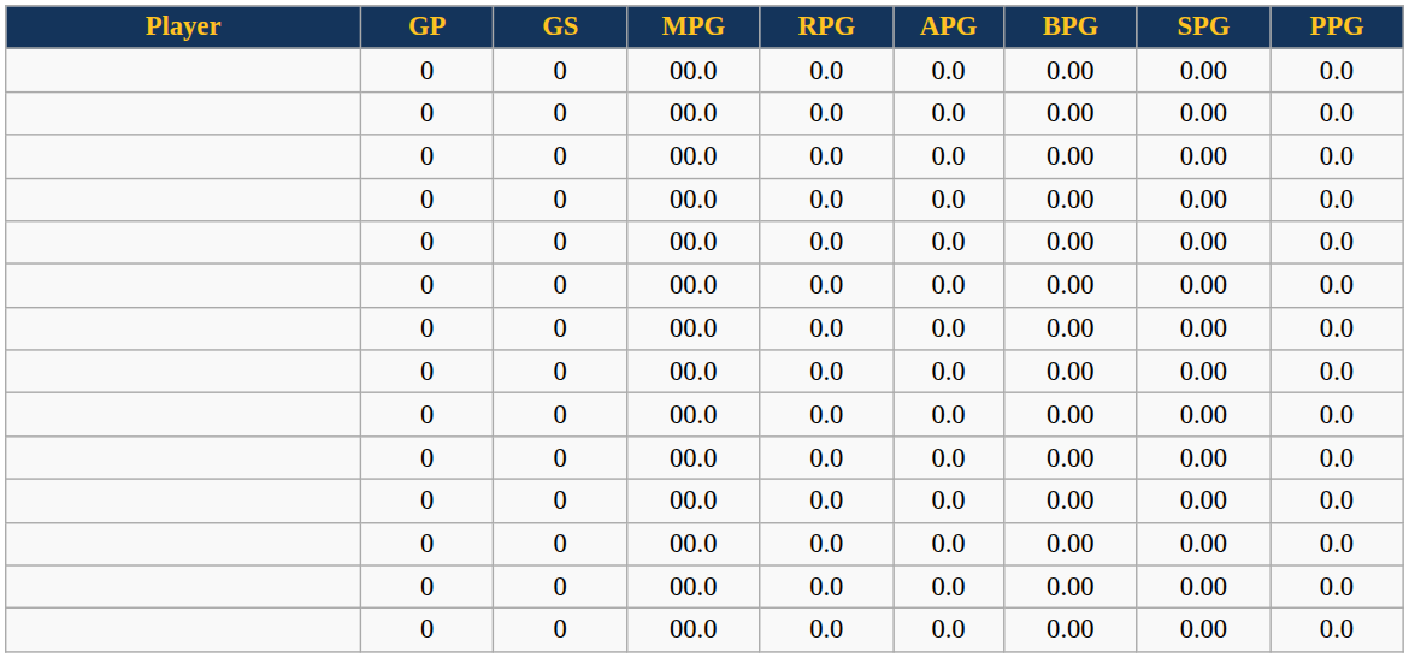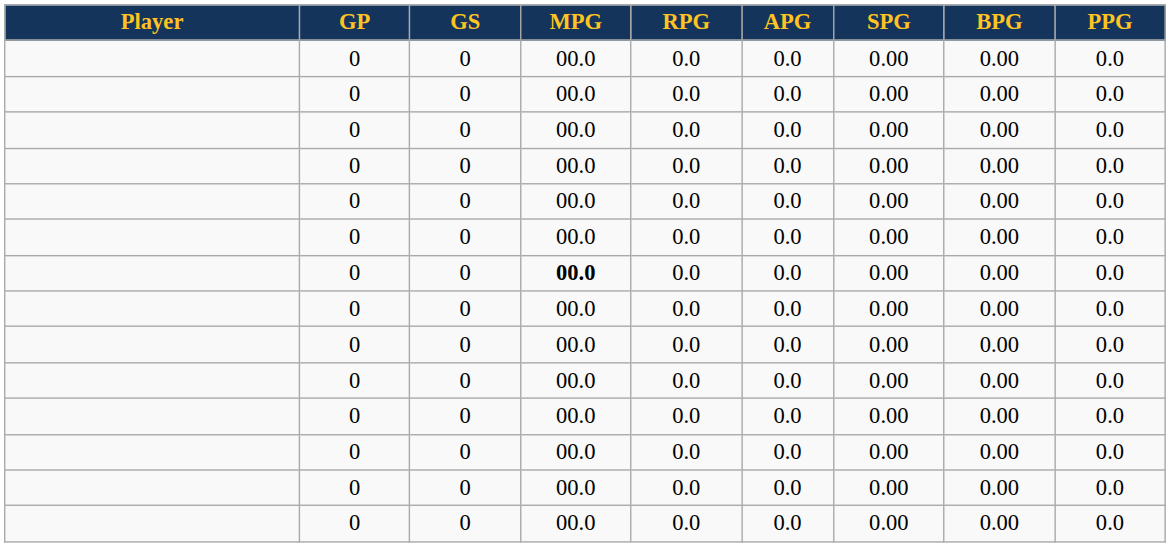 <table class="wikitable sortable" style="text-align:center;">
 <tr>
 <th style="background:#14345B;color:#ffc322;" width="16%">Player</th>
 <th style="background:#14345B;color:#ffc322;" width="6%">GP</th>
 <th style="background:#14345B;color:#ffc322;" width="6%">GS</th>
 <th style="background:#14345B;color:#ffc322;" width="6%">MPG</th>
 <th style="background:#14345B;color:#ffc322;" width="6%">RPG</th>
 <th style="background:#14345B;color:#ffc322;" width="5%">APG</th>
+<th style="background:#14345B;color:#ffc322;" width="6%">SPG</th>
 <th style="background:#14345B;color:#ffc322;" width="6%">BPG</th>
-<th style="background:#14345B;color:#ffc322;" width="6%">SPG</th>
 <th style="background:#14345B;color:#ffc322;" width="6%">PPG</th>
 </tr>
 <tr>
 <td></td>
 <td>0</td>
 <td>0</td>
 <td>00.0</td>
 <td>0.0</td>
 <td>0.0</td>
 <td>0.00</td>
 <td>0.00</td>
 <td>0.0</td>
 </tr>
 <tr>
 <td></td>
 <td>0</td>
 <td>0</td>
 <td>00.0</td>
 <td>0.0</td>
 <td>0.0</td>
 <td>0.00</td>
 <td>0.00</td>
 <td>0.0</td>
 </tr>
 <tr>
 <td></td>
 <td>0</td>
 <td>0</td>
 <td>00.0</td>
 <td>0.0</td>
 <td>0.0</td>
 <td>0.00</td>
 <td>0.00</td>
 <td>0.0</td>
 </tr>
 <tr>
 <td></td>
 <td>0</td>
 <td>0</td>
 <td>00.0</td>
 <td>0.0</td>
 <td>0.0</td>
 <td>0.00</td>
 <td>0.00</td>
 <td>0.0</td>
 </tr>
 <tr>
 <td></td>
 <td>0</td>
 <td>0</td>
 <td>00.0</td>
 <td>0.0</td>
 <td>0.0</td>
 <td>0.00</td>
 <td>0.00</td>
 <td>0.0</td>
 </tr>
 <tr>
 <td></td>
 <td>0</td>
 <td>0</td>
 <td>00.0</td>
 <td>0.0</td>
 <td>0.0</td>
 <td>0.00</td>
 <td>0.00</td>
 <td>0.0</td>
 </tr>
 <tr>
 <td></td>
 <td>0</td>
 <td>0</td>
-<td>00.0</td>
+<td><strong>00.0</strong></td>
 <td>0.0</td>
 <td>0.0</td>
 <td>0.00</td>
 <td>0.00</td>
 <td>0.0</td>
 </tr>
 <tr>
 <td></td>
 <td>0</td>
 <td>0</td>
 <td>00.0</td>
 <td>0.0</td>
 <td>0.0</td>
 <td>0.00</td>
 <td>0.00</td>
 <td>0.0</td>
 </tr>
 <tr>
 <td></td>
 <td>0</td>
 <td>0</td>
 <td>00.0</td>
 <td>0.0</td>
 <td>0.0</td>
 <td>0.00</td>
 <td>0.00</td>
 <td>0.0</td>
 </tr>
 <tr>
 <td></td>
 <td>0</td>
 <td>0</td>
 <td>00.0</td>
 <td>0.0</td>
 <td>0.0</td>
 <td>0.00</td>
 <td>0.00</td>
 <td>0.0</td>
 </tr>
 <tr>
 <td></td>
 <td>0</td>
 <td>0</td>
 <td>00.0</td>
 <td>0.0</td>
 <td>0.0</td>
 <td>0.00</td>
 <td>0.00</td>
 <td>0.0</td>
 </tr>
 <tr>
 <td></td>
 <td>0</td>
 <td>0</td>
 <td>00.0</td>
 <td>0.0</td>
 <td>0.0</td>
 <td>0.00</td>
 <td>0.00</td>
 <td>0.0</td>
 </tr>
 <tr>
 <td></td>
 <td>0</td>
 <td>0</td>
 <td>00.0</td>
 <td>0.0</td>
 <td>0.0</td>
 <td>0.00</td>
 <td>0.00</td>
 <td>0.0</td>
 </tr>
 <tr>
 <td></td>
 <td>0</td>
 <td>0</td>
 <td>00.0</td>
 <td>0.0</td>
 <td>0.0</td>
 <td>0.00</td>
 <td>0.00</td>
 <td>0.0</td>
 </tr>
 </table>
